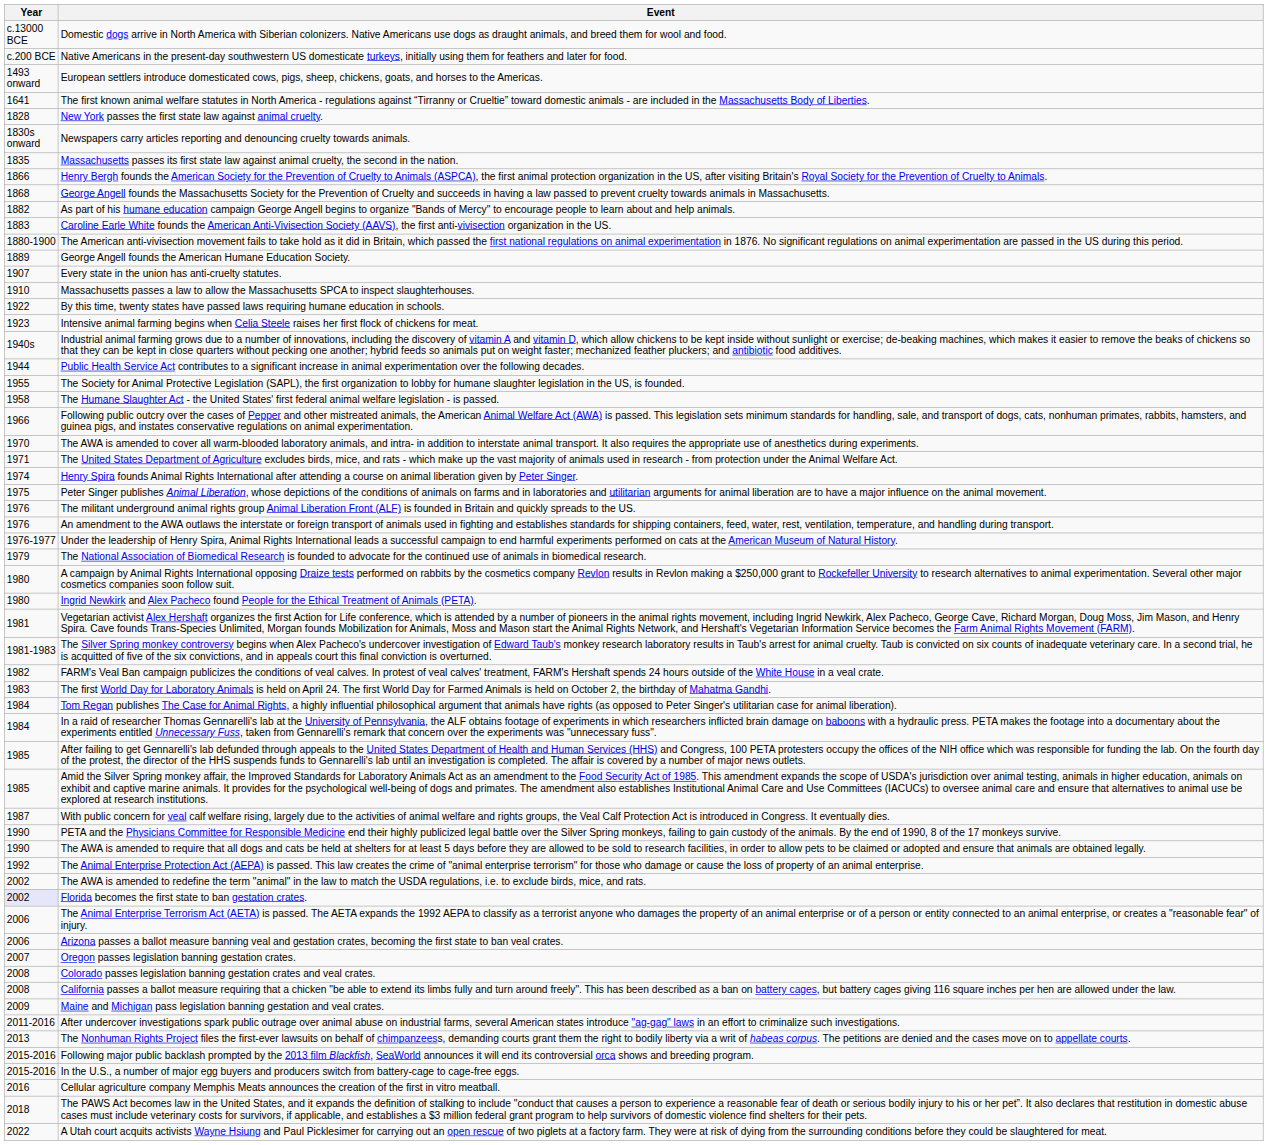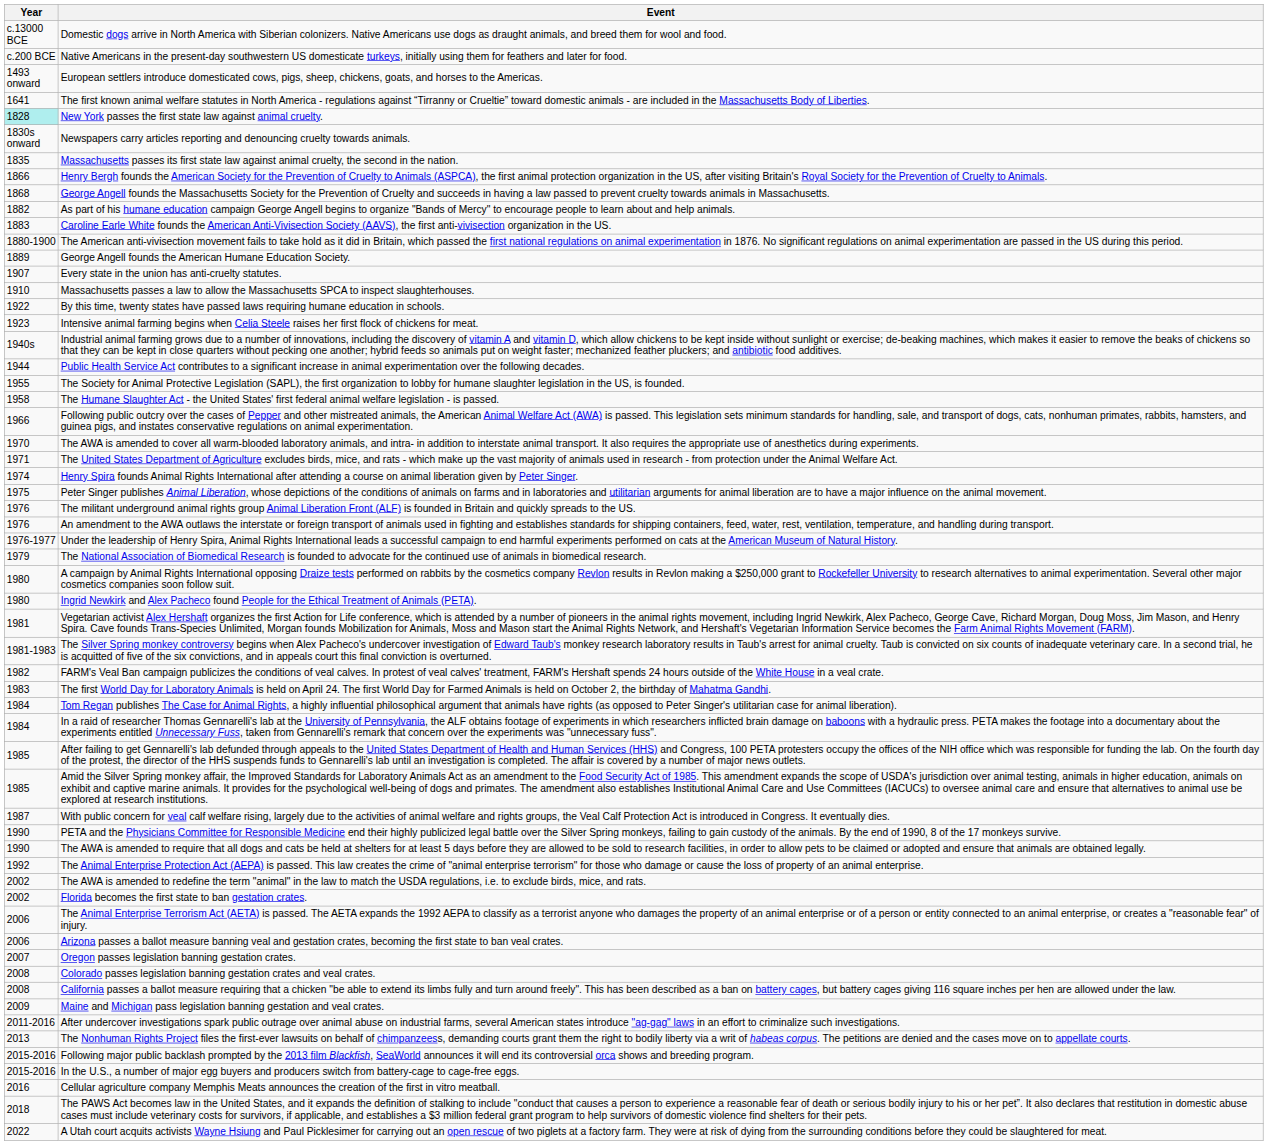 <table class="sortable wikitable">
 <tr>
 <th>Year</th>
 <th>Event</th>
 </tr>
 <tr>
 <td>c.13000 BCE</td>
 <td>Domestic <a href='#'>dogs</a> arrive in North America with Siberian colonizers. Native Americans use dogs as draught animals, and breed them for wool and food.</td>
 </tr>
 <tr>
 <td>c.200 BCE</td>
 <td>Native Americans in the present-day southwestern US domesticate <a href='#'>turkeys</a>, initially using them for feathers and later for food.</td>
 </tr>
 <tr>
 <td>1493 onward</td>
 <td>European settlers introduce domesticated cows, pigs, sheep, chickens, goats, and horses to the Americas.</td>
 </tr>
 <tr>
 <td>1641</td>
 <td>The first known animal welfare statutes in North America - regulations against “Tirranny or Crueltie” toward domestic animals - are included in the <a href='#'>Massachusetts Body of Liberties</a>.</td>
 </tr>
 <tr>
-<td>1828</td>
+<td style="background: paleturquoise;">1828</td>
 <td><a href='#'>New York</a> passes the first state law against <a href='#'>animal cruelty</a>.</td>
 </tr>
 <tr>
 <td>1830s onward</td>
 <td>Newspapers carry articles reporting and denouncing cruelty towards animals.</td>
 </tr>
 <tr>
 <td>1835</td>
 <td><a href='#'>Massachusetts</a> passes its first state law against animal cruelty, the second in the nation.</td>
 </tr>
 <tr>
 <td>1866</td>
 <td><a href='#'>Henry Bergh</a> founds the <a href='#'>American Society for the Prevention of Cruelty to Animals (ASPCA)</a>, the first animal protection organization in the US, after visiting Britain's <a href='#'>Royal Society for the Prevention of Cruelty to Animals</a>.</td>
 </tr>
 <tr>
 <td>1868</td>
 <td><a href='#'>George Angell</a> founds the Massachusetts Society for the Prevention of Cruelty and succeeds in having a law passed to prevent cruelty towards animals in Massachusetts.</td>
 </tr>
 <tr>
 <td>1882</td>
 <td>As part of his <a href='#'>humane education</a> campaign George Angell begins to organize "Bands of Mercy" to encourage people to learn about and help animals.</td>
 </tr>
 <tr>
 <td>1883</td>
 <td><a href='#'>Caroline Earle White</a> founds the <a href='#'>American Anti-Vivisection Society (AAVS)</a>, the first anti-<a href='#'>vivisection</a> organization in the US.</td>
 </tr>
 <tr>
 <td>1880-1900</td>
 <td>The American anti-vivisection movement fails to take hold as it did in Britain, which passed the <a href='#'>first national regulations on animal experimentation</a> in 1876. No significant regulations on animal experimentation are passed in the US during this period.</td>
 </tr>
 <tr>
 <td>1889</td>
 <td>George Angell founds the American Humane Education Society.</td>
 </tr>
 <tr>
 <td>1907</td>
 <td>Every state in the union has anti-cruelty statutes.</td>
 </tr>
 <tr>
 <td>1910</td>
 <td>Massachusetts passes a law to allow the Massachusetts SPCA to inspect slaughterhouses.</td>
 </tr>
 <tr>
 <td>1922</td>
 <td>By this time, twenty states have passed laws requiring humane education in schools.</td>
 </tr>
 <tr>
 <td>1923</td>
 <td>Intensive animal farming begins when <a href='#'>Celia Steele</a> raises her first flock of chickens for meat.</td>
 </tr>
 <tr>
 <td>1940s</td>
 <td>Industrial animal farming grows due to a number of innovations, including the discovery of <a href='#'>vitamin A</a> and <a href='#'>vitamin D</a>, which allow chickens to be kept inside without sunlight or exercise; de-beaking machines, which makes it easier to remove the beaks of chickens so that they can be kept in close quarters without pecking one another; hybrid feeds so animals put on weight faster; mechanized feather pluckers; and <a href='#'>antibiotic</a> food additives.</td>
 </tr>
 <tr>
 <td>1944</td>
 <td><a href='#'>Public Health Service Act</a> contributes to a significant increase in animal experimentation over the following decades.</td>
 </tr>
 <tr>
 <td>1955</td>
 <td>The Society for Animal Protective Legislation (SAPL), the first organization to lobby for humane slaughter legislation in the US, is founded.</td>
 </tr>
 <tr>
 <td>1958</td>
 <td>The <a href='#'>Humane Slaughter Act</a> - the United States' first federal animal welfare legislation - is passed.</td>
 </tr>
 <tr>
 <td>1966</td>
 <td>Following public outcry over the cases of <a href='#'>Pepper</a> and other mistreated animals, the American <a href='#'>Animal Welfare Act (AWA)</a> is passed. This legislation sets minimum standards for handling, sale, and transport of dogs, cats, nonhuman primates, rabbits, hamsters, and guinea pigs, and instates conservative regulations on animal experimentation.</td>
 </tr>
 <tr>
 <td>1970</td>
 <td>The AWA is amended to cover all warm-blooded laboratory animals, and intra- in addition to interstate animal transport. It also requires the appropriate use of anesthetics during experiments.</td>
 </tr>
 <tr>
 <td>1971</td>
 <td>The <a href='#'>United States Department of Agriculture</a> excludes birds, mice, and rats - which make up the vast majority of animals used in research - from protection under the Animal Welfare Act.</td>
 </tr>
 <tr>
 <td>1974</td>
 <td><a href='#'>Henry Spira</a> founds Animal Rights International after attending a course on animal liberation given by <a href='#'>Peter Singer</a>.</td>
 </tr>
 <tr>
 <td>1975</td>
 <td>Peter Singer publishes <a href='#'><em>Animal Liberation</em></a>, whose depictions of the conditions of animals on farms and in laboratories and <a href='#'>utilitarian</a> arguments for animal liberation are to have a major influence on the animal movement.</td>
 </tr>
 <tr>
 <td>1976</td>
 <td>The militant underground animal rights group <a href='#'>Animal Liberation Front (ALF)</a> is founded in Britain and quickly spreads to the US.</td>
 </tr>
 <tr>
 <td>1976</td>
 <td>An amendment to the AWA outlaws the interstate or foreign transport of animals used in fighting and establishes standards for shipping containers, feed, water, rest, ventilation, temperature, and handling during transport.</td>
 </tr>
 <tr>
 <td>1976-1977</td>
 <td>Under the leadership of Henry Spira, Animal Rights International leads a successful campaign to end harmful experiments performed on cats at the <a href='#'>American Museum of Natural History</a>.</td>
 </tr>
 <tr>
 <td>1979</td>
 <td>The <a href='#'>National Association of Biomedical Research</a> is founded to advocate for the continued use of animals in biomedical research.</td>
 </tr>
 <tr>
 <td>1980</td>
 <td>A campaign by Animal Rights International opposing <a href='#'>Draize tests</a> performed on rabbits by the cosmetics company <a href='#'>Revlon</a> results in Revlon making a $250,000 grant to <a href='#'>Rockefeller University</a> to research alternatives to animal experimentation. Several other major cosmetics companies soon follow suit.</td>
 </tr>
 <tr>
 <td>1980</td>
 <td><a href='#'>Ingrid Newkirk</a> and <a href='#'>Alex Pacheco</a> found <a href='#'>People for the Ethical Treatment of Animals (PETA)</a>.</td>
 </tr>
 <tr>
 <td>1981</td>
 <td>Vegetarian activist <a href='#'>Alex Hershaft</a> organizes the first Action for Life conference, which is attended by a number of pioneers in the animal rights movement, including Ingrid Newkirk, Alex Pacheco, George Cave, Richard Morgan, Doug Moss, Jim Mason, and Henry Spira. Cave founds Trans-Species Unlimited, Morgan founds Mobilization for Animals, Moss and Mason start the Animal Rights Network, and Hershaft's Vegetarian Information Service becomes the <a href='#'>Farm Animal Rights Movement (FARM)</a>.</td>
 </tr>
 <tr>
 <td>1981-1983</td>
 <td>The <a href='#'>Silver Spring monkey controversy</a> begins when Alex Pacheco's undercover investigation of <a href='#'>Edward Taub's</a> monkey research laboratory results in Taub's arrest for animal cruelty. Taub is convicted on six counts of inadequate veterinary care. In a second trial, he is acquitted of five of the six convictions, and in appeals court this final conviction is overturned.</td>
 </tr>
 <tr>
 <td>1982</td>
 <td>FARM's Veal Ban campaign publicizes the conditions of veal calves. In protest of veal calves' treatment, FARM's Hershaft spends 24 hours outside of the <a href='#'>White House</a> in a veal crate.</td>
 </tr>
 <tr>
 <td>1983</td>
 <td>The first <a href='#'>World Day for Laboratory Animals</a> is held on April 24. The first World Day for Farmed Animals is held on October 2, the birthday of <a href='#'>Mahatma Gandhi</a>.</td>
 </tr>
 <tr>
 <td>1984</td>
 <td><a href='#'>Tom Regan</a> publishes <a href='#'>The Case for Animal Rights</a>, a highly influential philosophical argument that animals have rights (as opposed to Peter Singer's utilitarian case for animal liberation).</td>
 </tr>
 <tr>
 <td>1984</td>
 <td>In a raid of researcher Thomas Gennarelli's lab at the <a href='#'>University of Pennsylvania</a>, the ALF obtains footage of experiments in which researchers inflicted brain damage on <a href='#'>baboons</a> with a hydraulic press. PETA makes the footage into a documentary about the experiments entitled <em><a href='#'>Unnecessary Fuss</a></em>, taken from Gennarelli's remark that concern over the experiments was "unnecessary fuss".</td>
 </tr>
 <tr>
 <td>1985</td>
 <td>After failing to get Gennarelli's lab defunded through appeals to the <a href='#'>United States Department of Health and Human Services (HHS)</a> and Congress, 100 PETA protesters occupy the offices of the NIH office which was responsible for funding the lab. On the fourth day of the protest, the director of the HHS suspends funds to Gennarelli's lab until an investigation is completed. The affair is covered by a number of major news outlets.</td>
 </tr>
 <tr>
 <td>1985</td>
 <td>Amid the Silver Spring monkey affair, the Improved Standards for Laboratory Animals Act as an amendment to the <a href='#'>Food Security Act of 1985</a>. This amendment expands the scope of USDA's jurisdiction over animal testing, animals in higher education, animals on exhibit and captive marine animals. It provides for the psychological well-being of dogs and primates. The amendment also establishes Institutional Animal Care and Use Committees (IACUCs) to oversee animal care and ensure that alternatives to animal use be explored at research institutions.</td>
 </tr>
 <tr>
 <td>1987</td>
 <td>With public concern for <a href='#'>veal</a> calf welfare rising, largely due to the activities of animal welfare and rights groups, the Veal Calf Protection Act is introduced in Congress. It eventually dies.</td>
 </tr>
 <tr>
 <td>1990</td>
 <td>PETA and the <a href='#'>Physicians Committee for Responsible Medicine</a> end their highly publicized legal battle over the Silver Spring monkeys, failing to gain custody of the animals. By the end of 1990, 8 of the 17 monkeys survive.</td>
 </tr>
 <tr>
 <td>1990</td>
 <td>The AWA is amended to require that all dogs and cats be held at shelters for at least 5 days before they are allowed to be sold to research facilities, in order to allow pets to be claimed or adopted and ensure that animals are obtained legally.</td>
 </tr>
 <tr>
 <td>1992</td>
 <td>The <a href='#'>Animal Enterprise Protection Act (AEPA)</a> is passed. This law creates the crime of "animal enterprise terrorism" for those who damage or cause the loss of property of an animal enterprise.</td>
 </tr>
 <tr>
 <td>2002</td>
 <td>The AWA is amended to redefine the term "animal" in the law to match the USDA regulations, i.e. to exclude birds, mice, and rats.</td>
 </tr>
 <tr>
-<td style="background: lavender;">2002</td>
+<td>2002</td>
 <td><a href='#'>Florida</a> becomes the first state to ban <a href='#'>gestation crates</a>.</td>
 </tr>
 <tr>
 <td>2006</td>
 <td>The <a href='#'>Animal Enterprise Terrorism Act (AETA)</a> is passed. The AETA expands the 1992 AEPA to classify as a terrorist anyone who damages the property of an animal enterprise or of a person or entity connected to an animal enterprise, or creates a "reasonable fear" of injury.</td>
 </tr>
 <tr>
 <td>2006</td>
 <td><a href='#'>Arizona</a> passes a ballot measure banning veal and gestation crates, becoming the first state to ban veal crates.</td>
 </tr>
 <tr>
 <td>2007</td>
 <td><a href='#'>Oregon</a> passes legislation banning gestation crates.</td>
 </tr>
 <tr>
 <td>2008</td>
 <td><a href='#'>Colorado</a> passes legislation banning gestation crates and veal crates.</td>
 </tr>
 <tr>
 <td>2008</td>
 <td><a href='#'>California</a> passes a ballot measure requiring that a chicken "be able to extend its limbs fully and turn around freely". This has been described as a ban on <a href='#'>battery cages</a>, but battery cages giving 116 square inches per hen are allowed under the law.</td>
 </tr>
 <tr>
 <td>2009</td>
 <td><a href='#'>Maine</a> and <a href='#'>Michigan</a> pass legislation banning gestation and veal crates.</td>
 </tr>
 <tr>
 <td>2011-2016</td>
 <td>After undercover investigations spark public outrage over animal abuse on industrial farms, several American states introduce <a href='#'>"ag-gag" laws</a> in an effort to criminalize such investigations.</td>
 </tr>
 <tr>
 <td>2013</td>
 <td>The <a href='#'>Nonhuman Rights Project</a> files the first-ever lawsuits on behalf of <a href='#'>chimpanzees</a>s, demanding courts grant them the right to bodily liberty via a writ of <em><a href='#'>habeas corpus</a></em>. The petitions are denied and the cases move on to <a href='#'>appellate courts</a>.</td>
 </tr>
 <tr>
 <td>2015-2016</td>
 <td>Following major public backlash prompted by the <a href='#'>2013 film <em>Blackfish</em></a>, <a href='#'>SeaWorld</a> announces it will end its controversial <a href='#'>orca</a> shows and breeding program.</td>
 </tr>
 <tr>
 <td>2015-2016</td>
 <td>In the U.S., a number of major egg buyers and producers switch from battery-cage to cage-free eggs.</td>
 </tr>
 <tr>
 <td>2016</td>
 <td>Cellular agriculture company Memphis Meats announces the creation of the first in vitro meatball.</td>
 </tr>
 <tr>
 <td>2018</td>
 <td>The PAWS Act becomes law in the United States, and it expands the definition of stalking to include "conduct that causes a person to experience a reasonable fear of death or serious bodily injury to his or her pet”. It also declares that restitution in domestic abuse cases must include veterinary costs for survivors, if applicable, and establishes a $3 million federal grant program to help survivors of domestic violence find shelters for their pets.</td>
 </tr>
 <tr>
 <td>2022</td>
 <td>A Utah court acquits activists <a href='#'>Wayne Hsiung</a> and Paul Picklesimer for carrying out an <a href='#'>open rescue</a> of two piglets at a factory farm. They were at risk of dying from the surrounding conditions before they could be slaughtered for meat.</td>
 </tr>
 </table>
